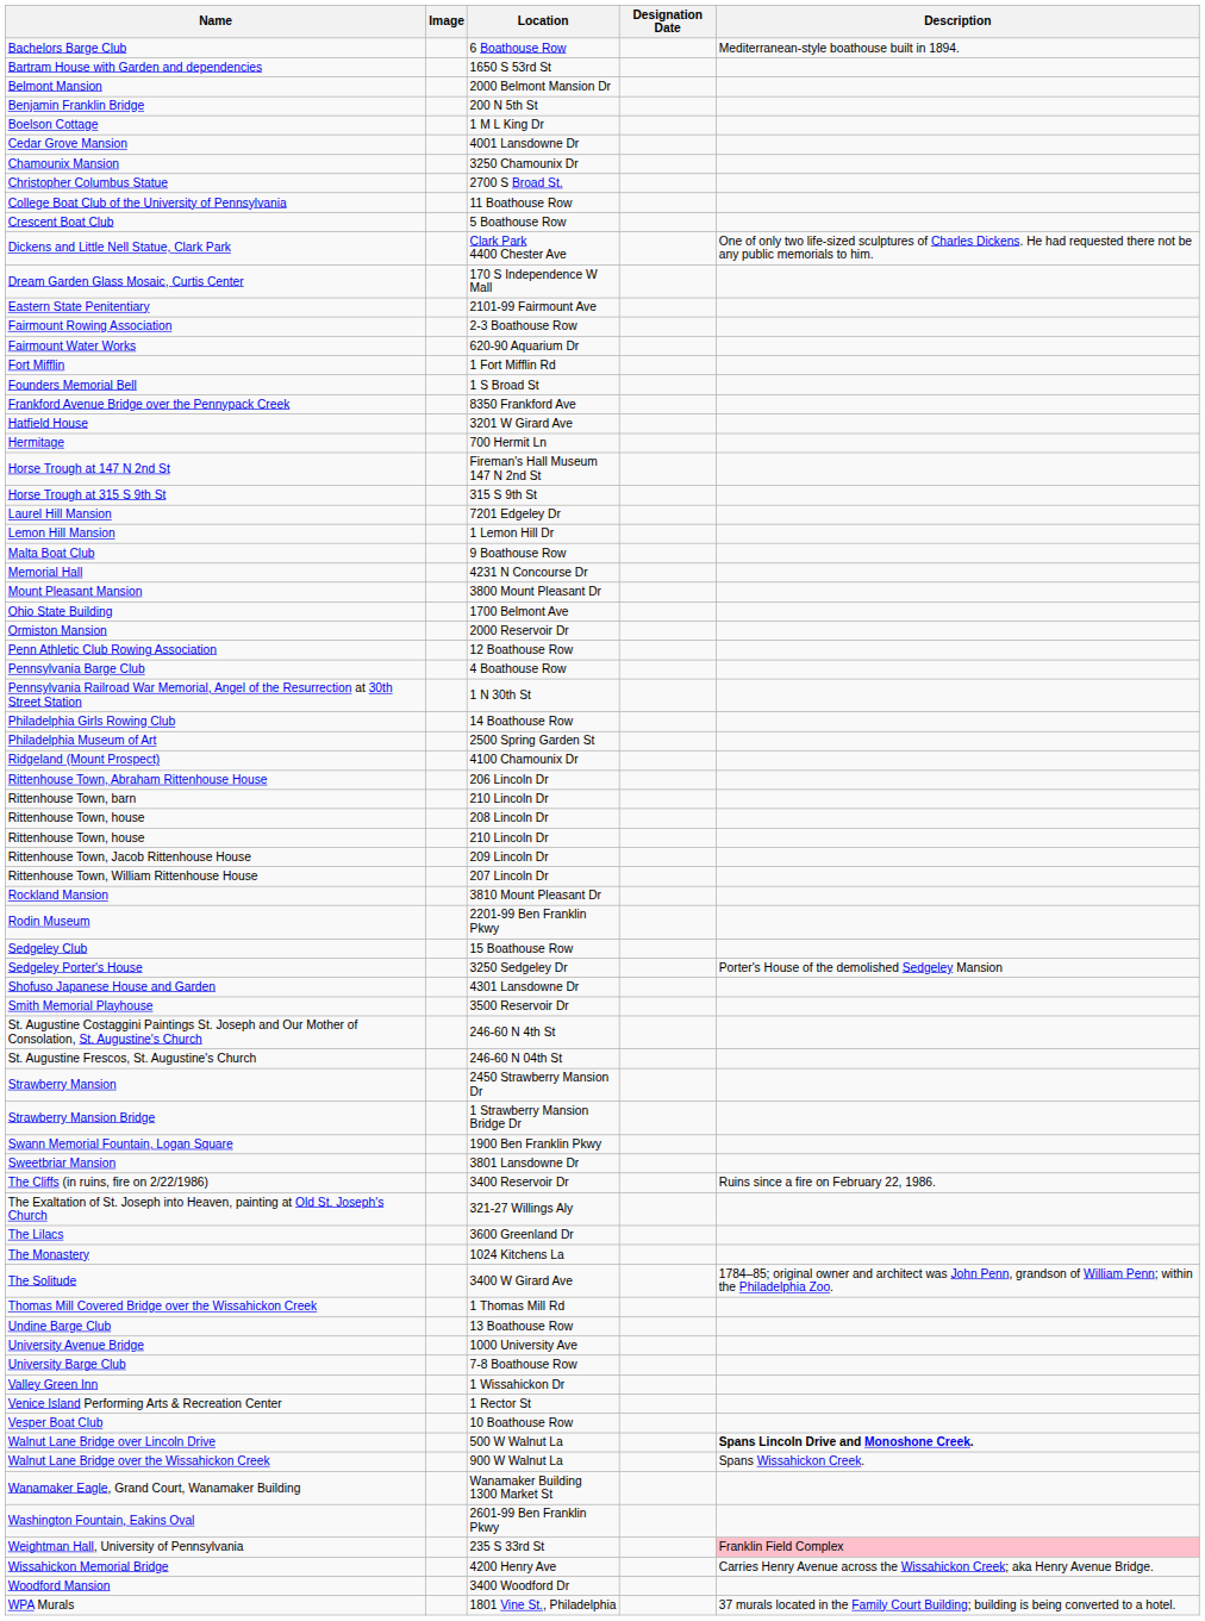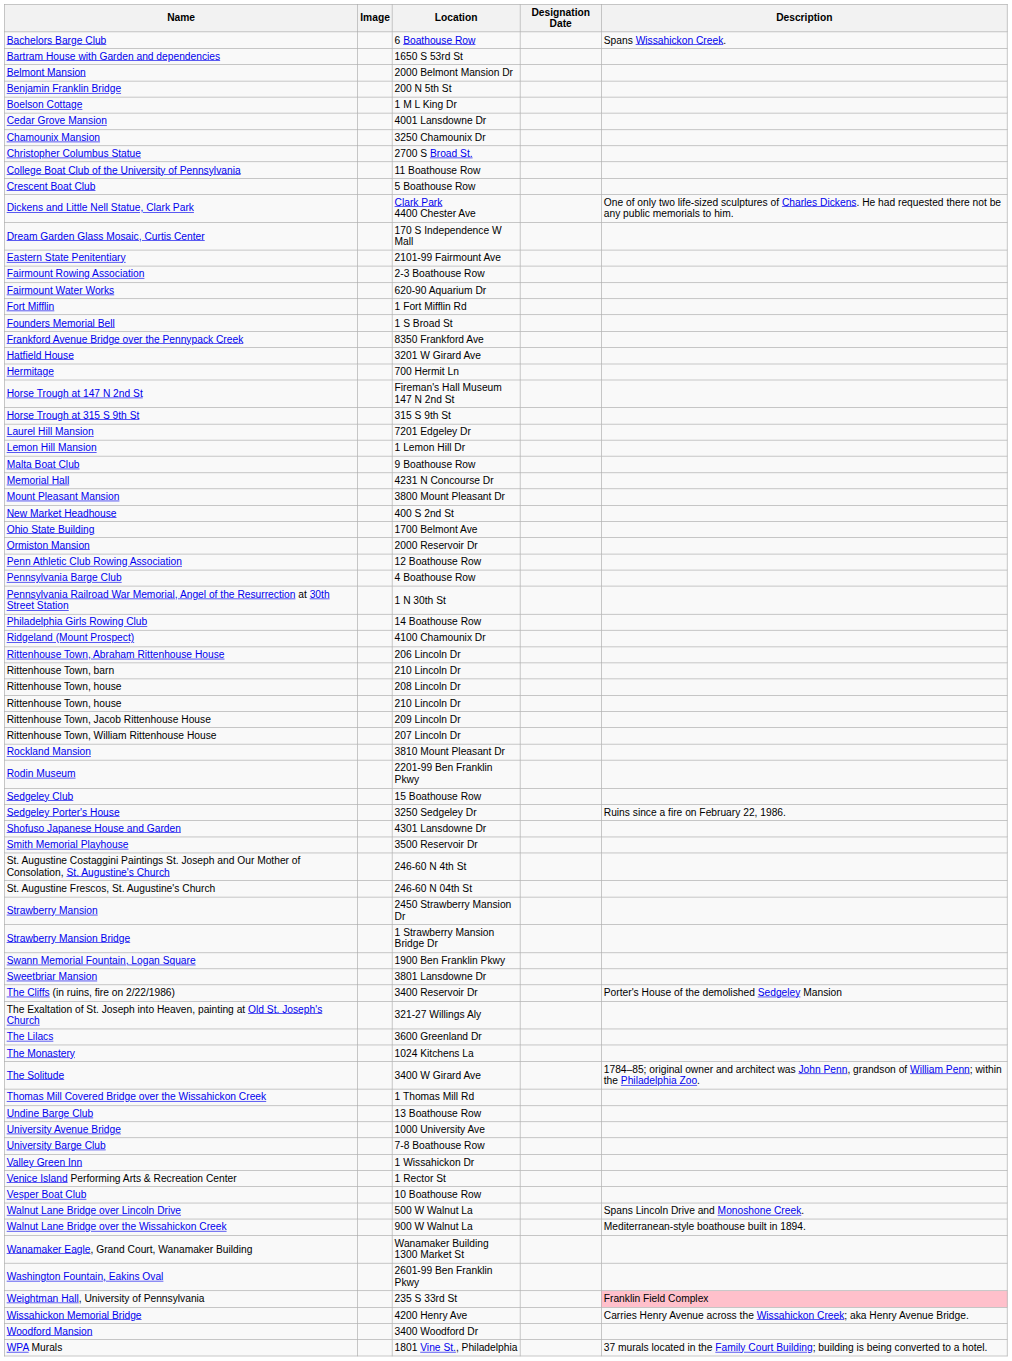 <table class="wikitable sortable" align="center">
 <tr>
 <th style="background-color:">Name</th>
 <th style="background-color:">Image</th>
 <th style="background-color:">Location</th>
 <th style="background-color:">Designation Date</th>
 <th style="background-color:">Description</th>
 </tr>
 <tr>
 <td><a href='#'>Bachelors Barge Club</a></td>
 <td></td>
 <td>6 <a href='#'>Boathouse Row</a><br><small></small></td>
 <td></td>
-<td>Mediterranean-style boathouse built in 1894.</td>
+<td>Spans <a href='#'>Wissahickon Creek</a>.</td>
 </tr>
 <tr>
 <td><a href='#'>Bartram House with Garden and dependencies</a></td>
 <td></td>
 <td>1650 S 53rd St<br><small></small></td>
 <td></td>
 <td></td>
 </tr>
 <tr>
 <td><a href='#'>Belmont Mansion</a></td>
 <td></td>
 <td>2000 Belmont Mansion Dr<br><small></small></td>
 <td></td>
 <td></td>
 </tr>
 <tr>
 <td><a href='#'>Benjamin Franklin Bridge</a></td>
 <td></td>
 <td>200 N 5th St<br><small></small></td>
 <td></td>
 <td></td>
 </tr>
 <tr>
 <td><a href='#'>Boelson Cottage</a></td>
 <td></td>
 <td>1 M L King Dr<br><small></small></td>
 <td></td>
 <td></td>
 </tr>
 <tr>
 <td><a href='#'>Cedar Grove Mansion</a></td>
 <td></td>
 <td>4001 Lansdowne Dr<br><small></small></td>
 <td></td>
 <td></td>
 </tr>
 <tr>
 <td><a href='#'>Chamounix Mansion</a></td>
 <td></td>
 <td>3250 Chamounix Dr<br><small></small></td>
 <td></td>
 <td></td>
 </tr>
 <tr>
 <td><a href='#'>Christopher Columbus Statue</a></td>
 <td></td>
 <td>2700 S <a href='#'>Broad St.</a><br><small></small></td>
 <td></td>
 <td></td>
 </tr>
 <tr>
 <td><a href='#'>College Boat Club of the University of Pennsylvania</a></td>
 <td></td>
 <td>11 Boathouse Row<br><small></small></td>
 <td></td>
 <td></td>
 </tr>
 <tr>
 <td><a href='#'>Crescent Boat Club</a></td>
 <td></td>
 <td>5 Boathouse Row<br><small></small></td>
 <td></td>
 <td></td>
 </tr>
 <tr>
 <td><a href='#'>Dickens and Little Nell Statue, Clark Park</a></td>
 <td></td>
 <td><a href='#'>Clark Park</a><br>4400 Chester Ave<br><small></small></td>
 <td></td>
 <td>One of only two life-sized sculptures of <a href='#'>Charles Dickens</a>. He had requested there not be any public memorials to him.</td>
 </tr>
 <tr>
 <td><a href='#'>Dream Garden Glass Mosaic, Curtis Center</a></td>
 <td></td>
 <td>170 S Independence W Mall<br><small></small></td>
 <td></td>
 <td></td>
 </tr>
 <tr>
 <td><a href='#'>Eastern State Penitentiary</a></td>
 <td></td>
 <td>2101-99 Fairmount Ave<br><small></small></td>
 <td></td>
 <td></td>
 </tr>
 <tr>
 <td><a href='#'>Fairmount Rowing Association</a></td>
 <td></td>
 <td>2-3 Boathouse Row<br><small></small></td>
 <td></td>
 <td></td>
 </tr>
 <tr>
 <td><a href='#'>Fairmount Water Works</a></td>
 <td></td>
 <td>620-90 Aquarium Dr<br><small></small></td>
 <td></td>
 <td></td>
 </tr>
 <tr>
 <td><a href='#'>Fort Mifflin</a></td>
 <td></td>
 <td>1 Fort Mifflin Rd<br><small></small></td>
 <td></td>
 <td></td>
 </tr>
 <tr>
 <td><a href='#'>Founders Memorial Bell</a></td>
 <td></td>
 <td>1 S Broad St<br><small></small></td>
 <td></td>
 <td></td>
 </tr>
 <tr>
 <td><a href='#'>Frankford Avenue Bridge over the Pennypack Creek</a></td>
 <td></td>
 <td>8350 Frankford Ave<br><small></small></td>
 <td></td>
 <td></td>
 </tr>
 <tr>
 <td><a href='#'>Hatfield House</a></td>
 <td></td>
 <td>3201 W Girard Ave<br><small></small></td>
 <td></td>
 <td></td>
 </tr>
 <tr>
 <td><a href='#'>Hermitage</a></td>
 <td></td>
 <td>700 Hermit Ln<br><small></small></td>
 <td></td>
 <td></td>
 </tr>
 <tr>
 <td><a href='#'>Horse Trough at 147 N 2nd St</a></td>
 <td></td>
 <td>Fireman's Hall Museum<br>147 N 2nd St<br><small></small></td>
 <td></td>
 <td></td>
 </tr>
 <tr>
 <td><a href='#'>Horse Trough at 315 S 9th St</a></td>
 <td></td>
 <td>315 S 9th St<br><small></small></td>
 <td></td>
 <td></td>
 </tr>
 <tr>
 <td><a href='#'>Laurel Hill Mansion</a></td>
 <td></td>
 <td>7201 Edgeley Dr<br><small></small></td>
 <td></td>
 <td></td>
 </tr>
 <tr>
 <td><a href='#'>Lemon Hill Mansion</a></td>
 <td></td>
 <td>1 Lemon Hill Dr<br><small></small></td>
 <td></td>
 <td></td>
 </tr>
 <tr>
 <td><a href='#'>Malta Boat Club</a></td>
 <td></td>
 <td>9 Boathouse Row<br><small></small></td>
 <td></td>
 <td></td>
 </tr>
 <tr>
 <td><a href='#'>Memorial Hall</a></td>
 <td></td>
 <td>4231 N Concourse Dr<br><small></small></td>
 <td></td>
 <td></td>
 </tr>
 <tr>
 <td><a href='#'>Mount Pleasant Mansion</a></td>
 <td></td>
 <td>3800 Mount Pleasant Dr<br><small></small></td>
 <td></td>
 <td></td>
 </tr>
 <tr>
+<td><a href='#'>New Market Headhouse</a></td>
+<td></td>
+<td>400 S 2nd St<br><small></small></td>
+<td></td>
+<td></td>
+</tr>
+<tr>
 <td><a href='#'>Ohio State Building</a></td>
 <td></td>
 <td>1700 Belmont Ave<br><small></small></td>
 <td></td>
 <td></td>
 </tr>
 <tr>
 <td><a href='#'>Ormiston Mansion</a></td>
 <td></td>
 <td>2000 Reservoir Dr<br><small></small></td>
 <td></td>
 <td></td>
 </tr>
 <tr>
 <td><a href='#'>Penn Athletic Club Rowing Association</a></td>
 <td></td>
 <td>12 Boathouse Row<br><small></small></td>
 <td></td>
 <td></td>
 </tr>
 <tr>
 <td><a href='#'>Pennsylvania Barge Club</a></td>
 <td></td>
 <td>4 Boathouse Row<br><small></small></td>
 <td></td>
 <td></td>
 </tr>
 <tr>
 <td><a href='#'>Pennsylvania Railroad War Memorial, Angel of the Resurrection</a> at <a href='#'>30th Street Station</a></td>
 <td></td>
 <td>1 N 30th St<br><small></small></td>
 <td></td>
 <td></td>
 </tr>
 <tr>
 <td><a href='#'>Philadelphia Girls Rowing Club</a></td>
 <td></td>
 <td>14 Boathouse Row<br><small></small></td>
-<td></td>
-<td></td>
-</tr>
-<tr>
-<td><a href='#'>Philadelphia Museum of Art</a></td>
-<td></td>
-<td>2500 Spring Garden St<br><small></small></td>
 <td></td>
 <td></td>
 </tr>
 <tr>
 <td><a href='#'>Ridgeland (Mount Prospect)</a></td>
 <td></td>
 <td>4100 Chamounix Dr<br><small></small></td>
 <td></td>
 <td></td>
 </tr>
 <tr>
 <td><a href='#'>Rittenhouse Town, Abraham Rittenhouse House</a></td>
 <td></td>
 <td>206 Lincoln Dr<br><small></small></td>
 <td></td>
 <td></td>
 </tr>
 <tr>
 <td>Rittenhouse Town, barn</td>
 <td></td>
 <td>210 Lincoln Dr<br><small></small></td>
 <td></td>
 <td></td>
 </tr>
 <tr>
 <td>Rittenhouse Town, house</td>
 <td></td>
 <td>208 Lincoln Dr<br><small></small></td>
 <td></td>
 <td></td>
 </tr>
 <tr>
 <td>Rittenhouse Town, house</td>
 <td></td>
 <td>210 Lincoln Dr<br><small></small></td>
 <td></td>
 <td></td>
 </tr>
 <tr>
 <td>Rittenhouse Town, Jacob Rittenhouse House</td>
 <td></td>
 <td>209 Lincoln Dr<br><small></small></td>
 <td></td>
 <td></td>
 </tr>
 <tr>
 <td>Rittenhouse Town, William Rittenhouse House</td>
 <td></td>
 <td>207 Lincoln Dr<br><small></small></td>
 <td></td>
 <td></td>
 </tr>
 <tr>
 <td><a href='#'>Rockland Mansion</a></td>
 <td></td>
 <td>3810 Mount Pleasant Dr<br><small></small></td>
 <td></td>
 <td></td>
 </tr>
 <tr>
 <td><a href='#'>Rodin Museum</a></td>
 <td></td>
 <td>2201-99 Ben Franklin Pkwy<br><small></small></td>
 <td></td>
 <td></td>
 </tr>
 <tr>
 <td><a href='#'>Sedgeley Club</a></td>
 <td></td>
 <td>15 Boathouse Row<br><small></small></td>
 <td></td>
 <td></td>
 </tr>
 <tr>
 <td><a href='#'>Sedgeley Porter's House</a></td>
 <td></td>
 <td>3250 Sedgeley Dr<br><small></small></td>
 <td></td>
-<td>Porter's House of the demolished <a href='#'>Sedgeley</a> Mansion</td>
+<td>Ruins since a fire on February 22, 1986.</td>
 </tr>
 <tr>
 <td><a href='#'>Shofuso Japanese House and Garden</a></td>
 <td></td>
 <td>4301 Lansdowne Dr<br><small></small></td>
 <td></td>
 <td></td>
 </tr>
 <tr>
 <td><a href='#'>Smith Memorial Playhouse</a></td>
 <td></td>
 <td>3500 Reservoir Dr<br><small></small></td>
 <td></td>
 <td></td>
 </tr>
 <tr>
 <td>St. Augustine Costaggini Paintings St. Joseph and Our Mother of Consolation, <a href='#'>St. Augustine's Church</a></td>
 <td></td>
 <td>246-60 N 4th St<br><small></small></td>
 <td></td>
 <td></td>
 </tr>
 <tr>
 <td>St. Augustine Frescos, St. Augustine's Church</td>
 <td></td>
 <td>246-60 N 04th St<br><small></small></td>
 <td></td>
 <td></td>
 </tr>
 <tr>
 <td><a href='#'>Strawberry Mansion</a></td>
 <td></td>
 <td>2450 Strawberry Mansion Dr<br><small></small></td>
 <td></td>
 <td></td>
 </tr>
 <tr>
 <td><a href='#'>Strawberry Mansion Bridge</a></td>
 <td></td>
 <td>1 Strawberry Mansion Bridge Dr<br><small></small></td>
 <td></td>
 <td></td>
 </tr>
 <tr>
 <td><a href='#'>Swann Memorial Fountain, Logan Square</a></td>
 <td></td>
 <td>1900 Ben Franklin Pkwy<br><small></small></td>
 <td></td>
 <td></td>
 </tr>
 <tr>
 <td><a href='#'>Sweetbriar Mansion</a></td>
 <td></td>
 <td>3801 Lansdowne Dr<br><small></small></td>
 <td></td>
 <td></td>
 </tr>
 <tr>
 <td><a href='#'>The Cliffs</a> (in ruins, fire on 2/22/1986)</td>
 <td></td>
 <td>3400 Reservoir Dr<br><small></small></td>
 <td></td>
-<td>Ruins since a fire on February 22, 1986.</td>
+<td>Porter's House of the demolished <a href='#'>Sedgeley</a> Mansion</td>
 </tr>
 <tr>
 <td>The Exaltation of St. Joseph into Heaven, painting at <a href='#'>Old St. Joseph's Church</a></td>
 <td></td>
 <td>321-27 Willings Aly<br><small></small></td>
 <td></td>
 <td></td>
 </tr>
 <tr>
 <td><a href='#'>The Lilacs</a></td>
 <td></td>
 <td>3600 Greenland Dr<br><small></small></td>
 <td></td>
 <td></td>
 </tr>
 <tr>
 <td><a href='#'>The Monastery</a></td>
 <td></td>
 <td>1024 Kitchens La<br><small></small></td>
 <td></td>
 <td></td>
 </tr>
 <tr>
 <td><a href='#'>The Solitude</a></td>
 <td></td>
 <td>3400 W Girard Ave<br><small></small></td>
 <td></td>
 <td>1784–85; original owner and architect was <a href='#'>John Penn</a>, grandson of <a href='#'>William Penn</a>; within the <a href='#'>Philadelphia Zoo</a>.</td>
 </tr>
 <tr>
 <td><a href='#'>Thomas Mill Covered Bridge over the Wissahickon Creek</a></td>
 <td></td>
 <td>1 Thomas Mill Rd<br><small></small></td>
 <td></td>
 <td></td>
 </tr>
 <tr>
 <td><a href='#'>Undine Barge Club</a></td>
 <td></td>
 <td>13 Boathouse Row<br><small></small></td>
 <td></td>
 <td></td>
 </tr>
 <tr>
 <td><a href='#'>University Avenue Bridge</a></td>
 <td></td>
 <td>1000 University Ave<br><small></small></td>
 <td></td>
 <td></td>
 </tr>
 <tr>
 <td><a href='#'>University Barge Club</a></td>
 <td></td>
 <td>7-8 Boathouse Row<br><small></small></td>
 <td></td>
 <td></td>
 </tr>
 <tr>
 <td><a href='#'>Valley Green Inn</a></td>
 <td></td>
 <td>1 Wissahickon Dr<br><small></small></td>
 <td></td>
 <td></td>
 </tr>
 <tr>
 <td><a href='#'>Venice Island</a> Performing Arts & Recreation Center</td>
 <td></td>
 <td>1 Rector St<br><small></small></td>
 <td></td>
 <td></td>
 </tr>
 <tr>
 <td><a href='#'>Vesper Boat Club</a></td>
 <td></td>
 <td>10 Boathouse Row<br><small></small></td>
 <td></td>
 <td></td>
 </tr>
 <tr>
 <td><a href='#'>Walnut Lane Bridge over Lincoln Drive</a></td>
 <td></td>
 <td>500 W Walnut La<br><small></small></td>
 <td></td>
-<td><strong>Spans Lincoln Drive and <a href='#'>Monoshone Creek</a>.</strong></td>
+<td>Spans Lincoln Drive and <a href='#'>Monoshone Creek</a>.</td>
 </tr>
 <tr>
 <td><a href='#'>Walnut Lane Bridge over the Wissahickon Creek</a></td>
 <td></td>
 <td>900 W Walnut La<br><small></small></td>
 <td></td>
-<td>Spans <a href='#'>Wissahickon Creek</a>.</td>
+<td>Mediterranean-style boathouse built in 1894.</td>
 </tr>
 <tr>
 <td><a href='#'>Wanamaker Eagle</a>, Grand Court, Wanamaker Building</td>
 <td></td>
 <td>Wanamaker Building<br>1300 Market St<br><small></small></td>
 <td></td>
 <td></td>
 </tr>
 <tr>
 <td><a href='#'>Washington Fountain, Eakins Oval</a></td>
 <td></td>
 <td>2601-99 Ben Franklin Pkwy<br><small></small></td>
 <td></td>
 <td></td>
 </tr>
 <tr>
 <td><a href='#'>Weightman Hall</a>, University of Pennsylvania</td>
 <td></td>
 <td>235 S 33rd St<br><small></small></td>
 <td></td>
 <td style="background: pink;">Franklin Field Complex</td>
 </tr>
 <tr>
 <td><a href='#'>Wissahickon Memorial Bridge</a></td>
 <td></td>
 <td>4200 Henry Ave<br><small></small></td>
 <td></td>
 <td>Carries Henry Avenue across the <a href='#'>Wissahickon Creek</a>; aka Henry Avenue Bridge.</td>
 </tr>
 <tr>
 <td><a href='#'>Woodford Mansion</a></td>
 <td></td>
 <td>3400 Woodford Dr<br><small></small></td>
 <td></td>
 <td></td>
 </tr>
 <tr>
 <td><a href='#'>WPA</a> Murals</td>
 <td></td>
 <td>1801 <a href='#'>Vine St.</a>, Philadelphia<br><small></small></td>
 <td></td>
 <td>37 murals located in the <a href='#'>Family Court Building</a>; building is being converted to a hotel.</td>
 </tr>
 </table>
